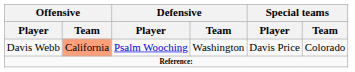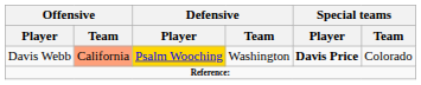 <table class="wikitable">
 <tr>
 <th colspan="2">Offensive</th>
 <th colspan="2">Defensive</th>
 <th colspan="2">Special teams</th>
 </tr>
 <tr>
 <th>Player</th>
 <th>Team</th>
 <th>Player</th>
 <th>Team</th>
 <th>Player</th>
 <th>Team</th>
 </tr>
 <tr>
 <td>Davis Webb</td>
 <td style="background: lightsalmon;">California</td>
-<td><a href='#'>Psalm Wooching</a></td>
+<td style="background: gold;"><a href='#'>Psalm Wooching</a></td>
 <td>Washington</td>
-<td>Davis Price</td>
+<td><strong>Davis Price</strong></td>
 <td>Colorado</td>
 </tr>
 <tr>
 <td colspan="12"  style="font-size:8pt; text-align:center;"><strong>Reference:</strong></td>
 </tr>
 </table>
